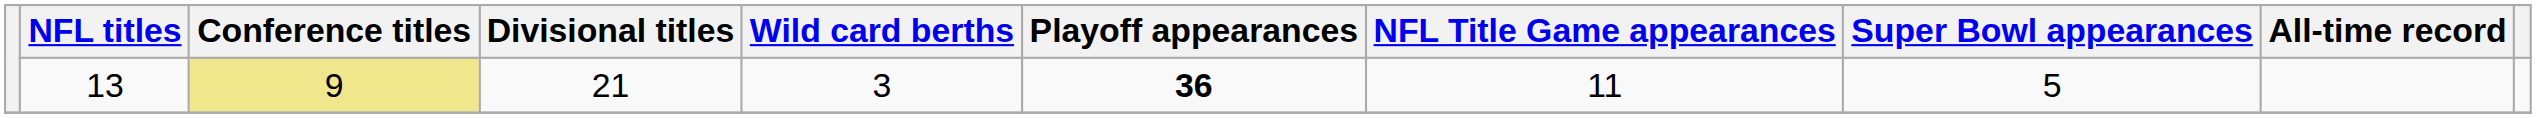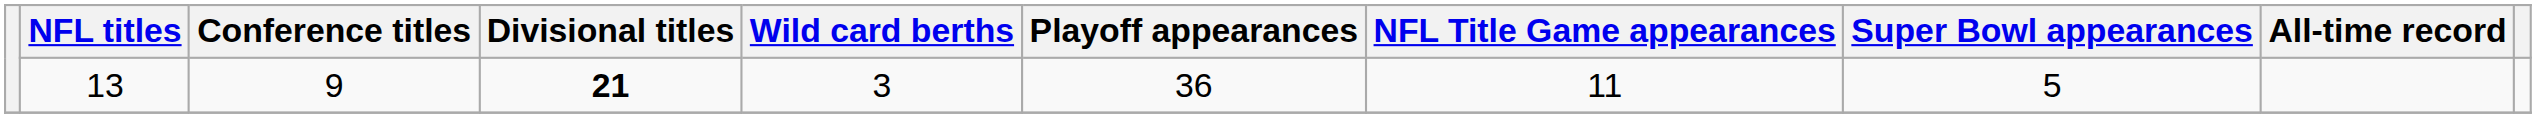 <table class="wikitable" style="text-align:center;">
 <tr>
 <th scope="col" rowspan=2></th>
 <th scope="col"><a href='#'>NFL titles</a></th>
 <th scope="col">Conference titles</th>
 <th scope="col">Divisional titles</th>
 <th scope="col"><a href='#'>Wild card berths</a></th>
 <th scope="col">Playoff appearances</th>
 <th scope="col"><a href='#'>NFL Title Game appearances</a></th>
 <th scope="col"><a href='#'>Super Bowl appearances</a></th>
 <th scope="col">All-time record</th>
 <th scope="col"></th>
 </tr>
 <tr>
 <td>13</td>
-<td style="background: khaki;">9</td>
-<td>21</td>
+<td>9</td>
+<td><strong>21</strong></td>
 <td>3</td>
-<td><strong>36</strong></td>
+<td>36</td>
 <td>11</td>
 <td>5</td>
 <td></td>
 <td></td>
 </tr>
 <tr>
 </tr>
 </table>
